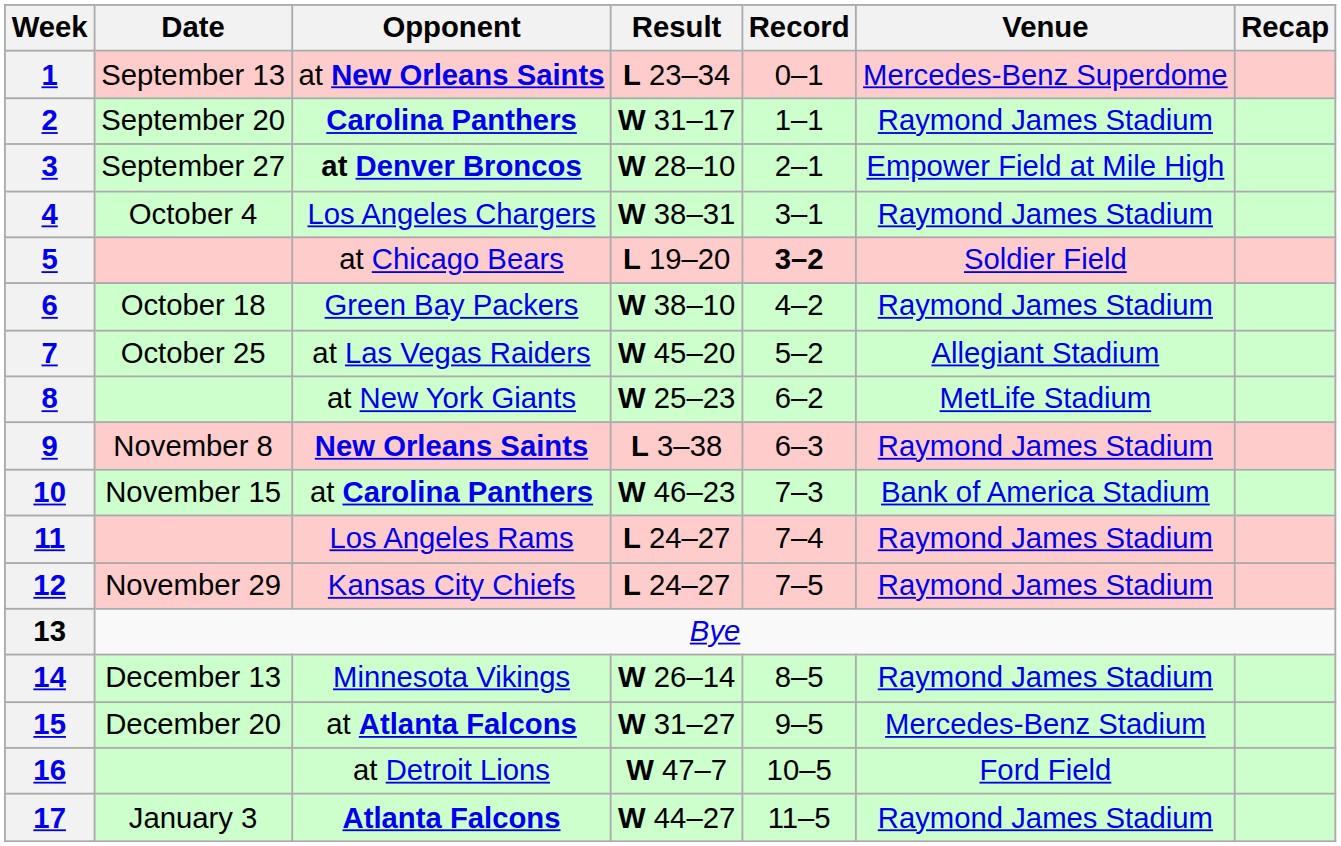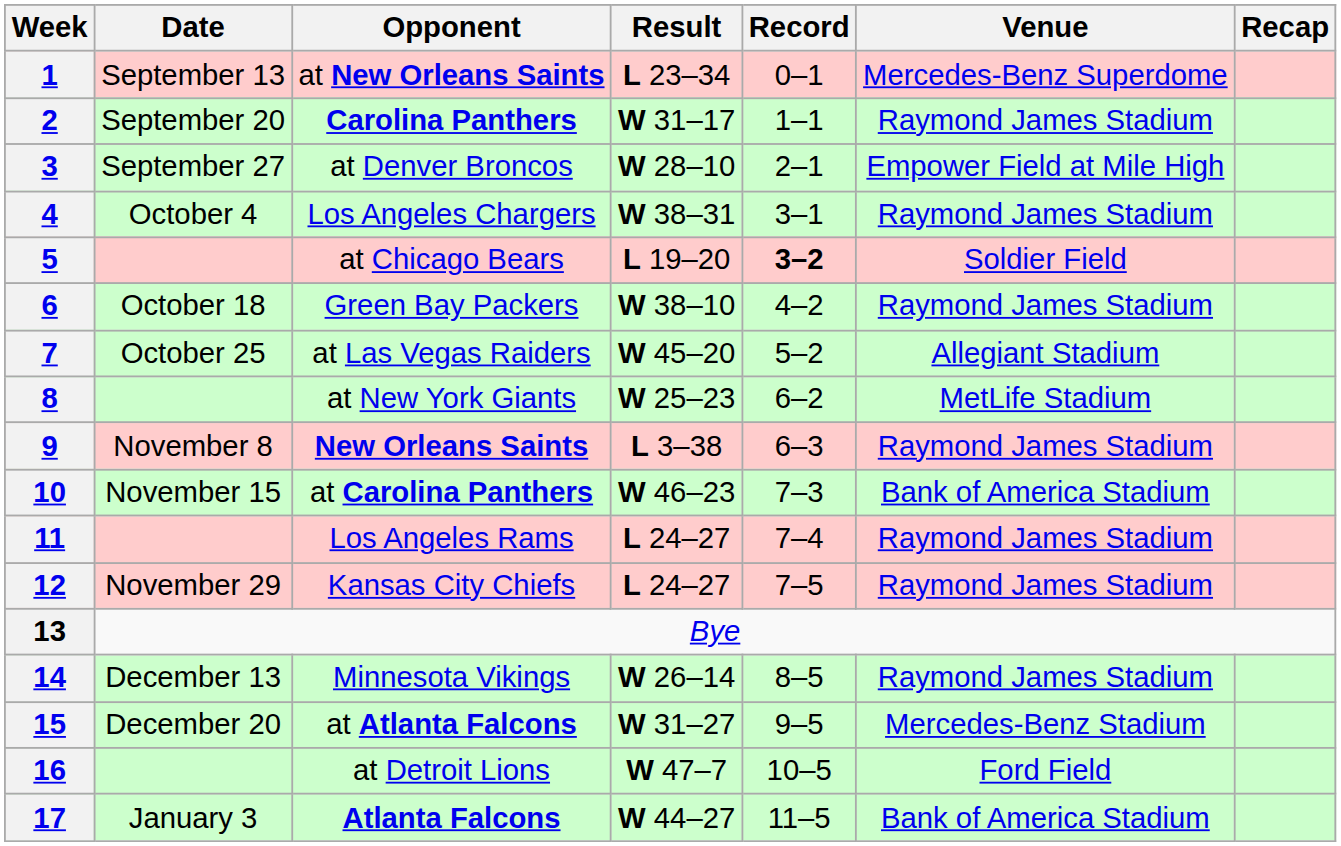 <table class="wikitable" style="text-align:center">
 <tr>
 <th>Week</th>
 <th>Date</th>
 <th>Opponent</th>
 <th>Result</th>
 <th>Record</th>
 <th>Venue</th>
 <th>Recap</th>
 </tr>
 <tr style="background:#fcc">
 <th><a href='#'>1</a></th>
 <td>September 13</td>
 <td>at <strong><a href='#'>New Orleans Saints</a></strong></td>
 <td><strong>L</strong> 23–34</td>
 <td>0–1</td>
 <td><a href='#'>Mercedes-Benz Superdome</a></td>
 <td></td>
 </tr>
 <tr style="background:#cfc">
 <th><a href='#'>2</a></th>
 <td>September 20</td>
 <td><strong><a href='#'>Carolina Panthers</a></strong></td>
 <td><strong>W</strong> 31–17</td>
 <td>1–1</td>
 <td><a href='#'>Raymond James Stadium</a></td>
 <td></td>
 </tr>
 <tr style="background:#cfc">
 <th><a href='#'>3</a></th>
 <td>September 27</td>
-<td><strong>at <a href='#'>Denver Broncos</a></strong></td>
+<td>at <a href='#'>Denver Broncos</a></td>
 <td><strong>W</strong> 28–10</td>
 <td>2–1</td>
 <td><a href='#'>Empower Field at Mile High</a></td>
 <td></td>
 </tr>
 <tr style="background:#cfc">
 <th><a href='#'>4</a></th>
 <td>October 4</td>
 <td><a href='#'>Los Angeles Chargers</a></td>
 <td><strong>W</strong> 38–31</td>
 <td>3–1</td>
 <td><a href='#'>Raymond James Stadium</a></td>
 <td></td>
 </tr>
 <tr style="background:#fcc">
 <th><a href='#'>5</a></th>
 <td></td>
 <td>at <a href='#'>Chicago Bears</a></td>
 <td><strong>L</strong> 19–20</td>
 <td><strong>3–2</strong></td>
 <td><a href='#'>Soldier Field</a></td>
 <td></td>
 </tr>
 <tr style="background:#cfc">
 <th><a href='#'>6</a></th>
 <td>October 18</td>
 <td><a href='#'>Green Bay Packers</a></td>
 <td><strong>W</strong> 38–10</td>
 <td>4–2</td>
 <td><a href='#'>Raymond James Stadium</a></td>
 <td></td>
 </tr>
 <tr style="background:#cfc">
 <th><a href='#'>7</a></th>
 <td>October 25</td>
 <td>at <a href='#'>Las Vegas Raiders</a></td>
 <td><strong>W</strong> 45–20</td>
 <td>5–2</td>
 <td><a href='#'>Allegiant Stadium</a></td>
 <td></td>
 </tr>
 <tr style="background:#cfc">
 <th><a href='#'>8</a></th>
 <td></td>
 <td>at <a href='#'>New York Giants</a></td>
 <td><strong>W</strong> 25–23</td>
 <td>6–2</td>
 <td><a href='#'>MetLife Stadium</a></td>
 <td></td>
 </tr>
 <tr style="background:#fcc">
 <th><a href='#'>9</a></th>
 <td>November 8</td>
 <td><strong><a href='#'>New Orleans Saints</a></strong></td>
 <td><strong>L</strong> 3–38</td>
 <td>6–3</td>
 <td><a href='#'>Raymond James Stadium</a></td>
 <td></td>
 </tr>
 <tr style="background:#cfc">
 <th><a href='#'>10</a></th>
 <td>November 15</td>
 <td>at <strong><a href='#'>Carolina Panthers</a></strong></td>
 <td><strong>W</strong> 46–23</td>
 <td>7–3</td>
 <td><a href='#'>Bank of America Stadium</a></td>
 <td></td>
 </tr>
 <tr style="background:#fcc">
 <th><a href='#'>11</a></th>
 <td></td>
 <td><a href='#'>Los Angeles Rams</a></td>
 <td><strong>L</strong> 24–27</td>
 <td>7–4</td>
 <td><a href='#'>Raymond James Stadium</a></td>
 <td></td>
 </tr>
 <tr style="background:#fcc">
 <th><a href='#'>12</a></th>
 <td>November 29</td>
 <td><a href='#'>Kansas City Chiefs</a></td>
 <td><strong>L</strong> 24–27</td>
 <td>7–5</td>
 <td><a href='#'>Raymond James Stadium</a></td>
 <td></td>
 </tr>
 <tr>
 <th>13</th>
 <td colspan="6"><em><a href='#'>Bye</a></em></td>
 </tr>
 <tr style="background:#cfc">
 <th><a href='#'>14</a></th>
 <td>December 13</td>
 <td><a href='#'>Minnesota Vikings</a></td>
 <td><strong>W</strong> 26–14</td>
 <td>8–5</td>
 <td><a href='#'>Raymond James Stadium</a></td>
 <td></td>
 </tr>
 <tr style="background:#cfc">
 <th><a href='#'>15</a></th>
 <td>December 20</td>
 <td>at <strong><a href='#'>Atlanta Falcons</a></strong></td>
 <td><strong>W</strong> 31–27</td>
 <td>9–5</td>
 <td><a href='#'>Mercedes-Benz Stadium</a></td>
 <td></td>
 </tr>
 <tr style="background:#cfc">
 <th><a href='#'>16</a></th>
 <td></td>
 <td>at <a href='#'>Detroit Lions</a></td>
 <td><strong>W</strong> 47–7</td>
 <td>10–5</td>
 <td><a href='#'>Ford Field</a></td>
 <td></td>
 </tr>
 <tr style="background:#cfc">
 <th><a href='#'>17</a></th>
 <td>January 3</td>
 <td><strong><a href='#'>Atlanta Falcons</a></strong></td>
 <td><strong>W</strong> 44–27</td>
 <td>11–5</td>
-<td><a href='#'>Raymond James Stadium</a></td>
+<td><a href='#'>Bank of America Stadium</a></td>
 <td></td>
 </tr>
 </table>
